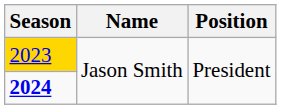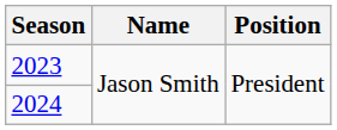 <table class="wikitable">
 <tr>
 <th>Season</th>
 <th>Name</th>
 <th>Position</th>
 </tr>
 <tr>
-<td style="background: gold;"><a href='#'>2023</a></td>
+<td><a href='#'>2023</a></td>
 <td rowspan="2">Jason Smith</td>
 <td rowspan="2">President</td>
 </tr>
 <tr>
-<td><strong><a href='#'>2024</a></strong></td>
+<td><a href='#'>2024</a></td>
 </tr>
 </table>
